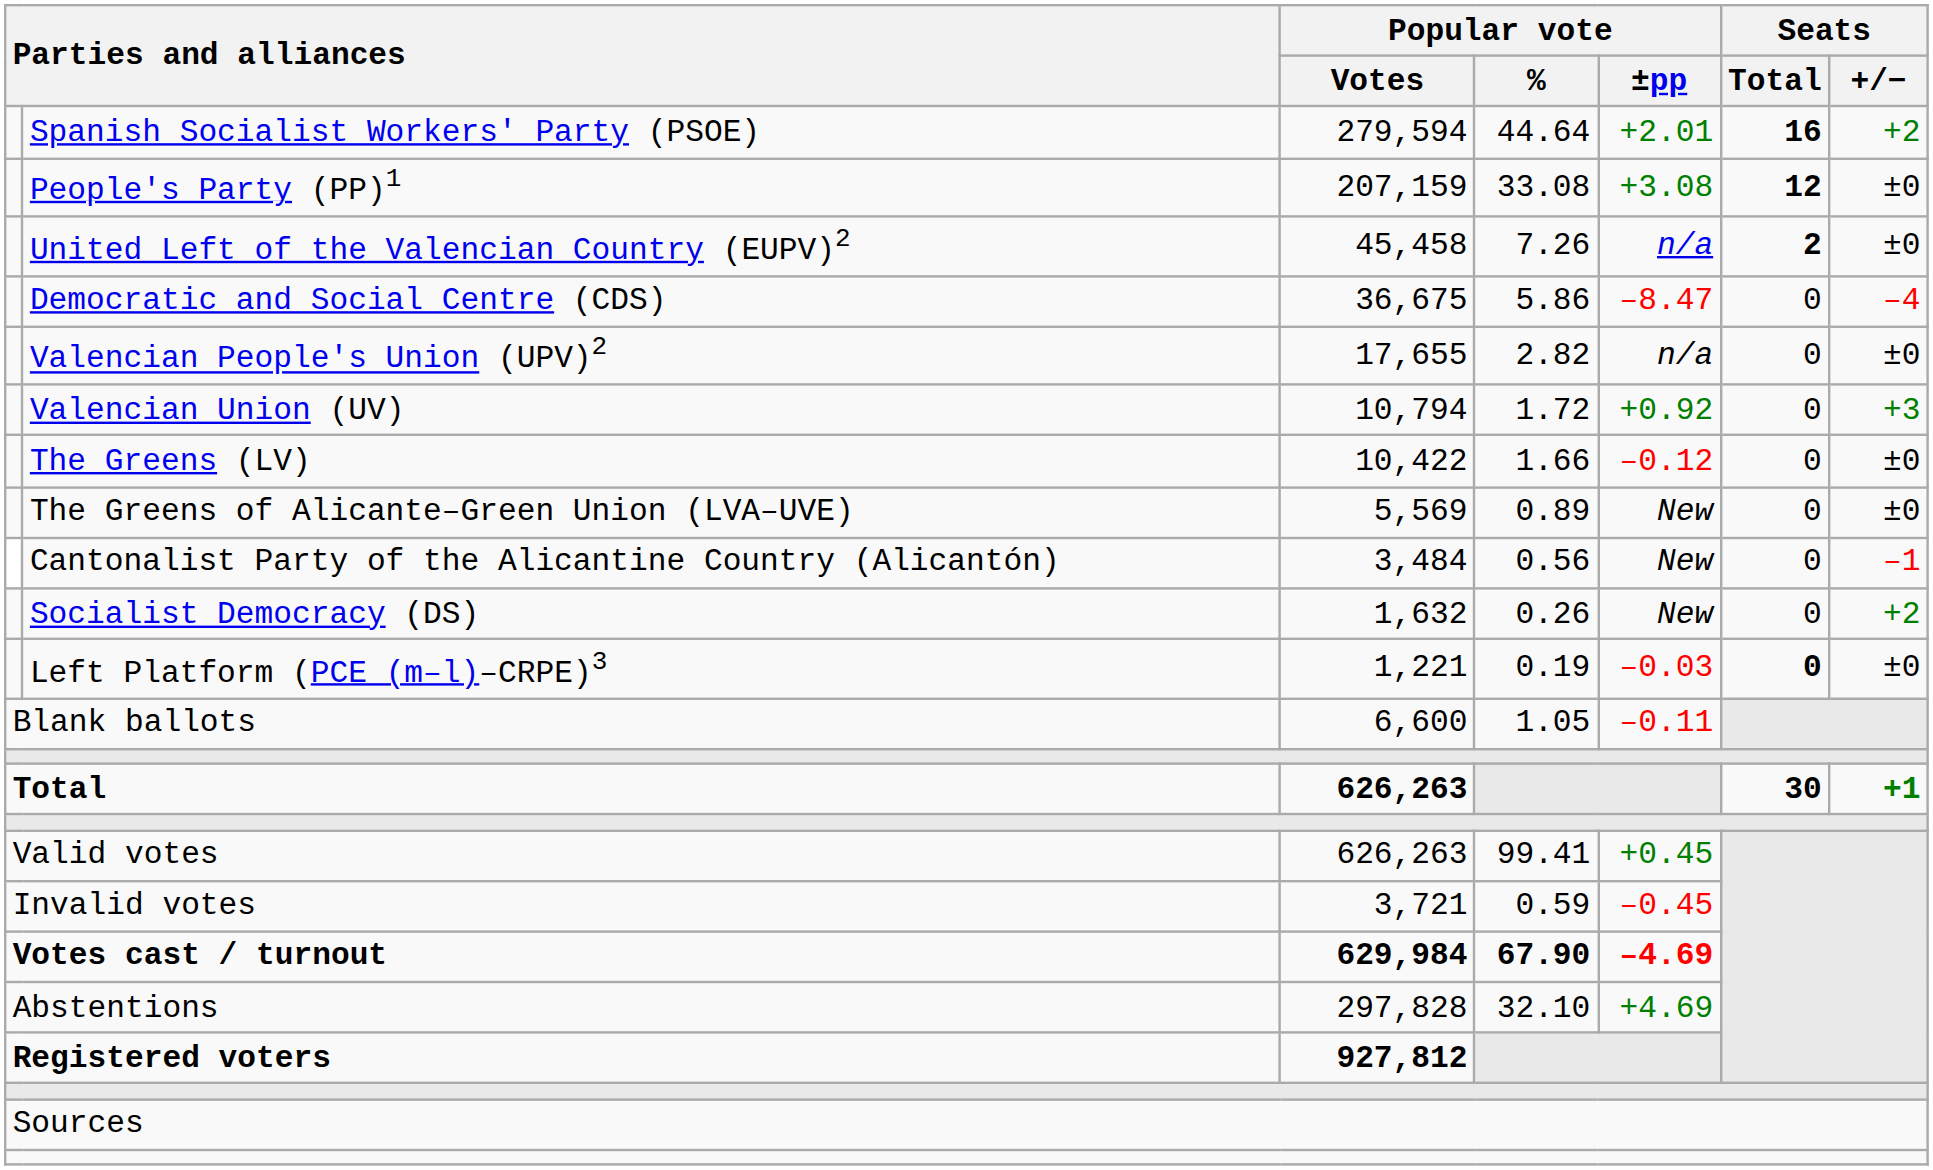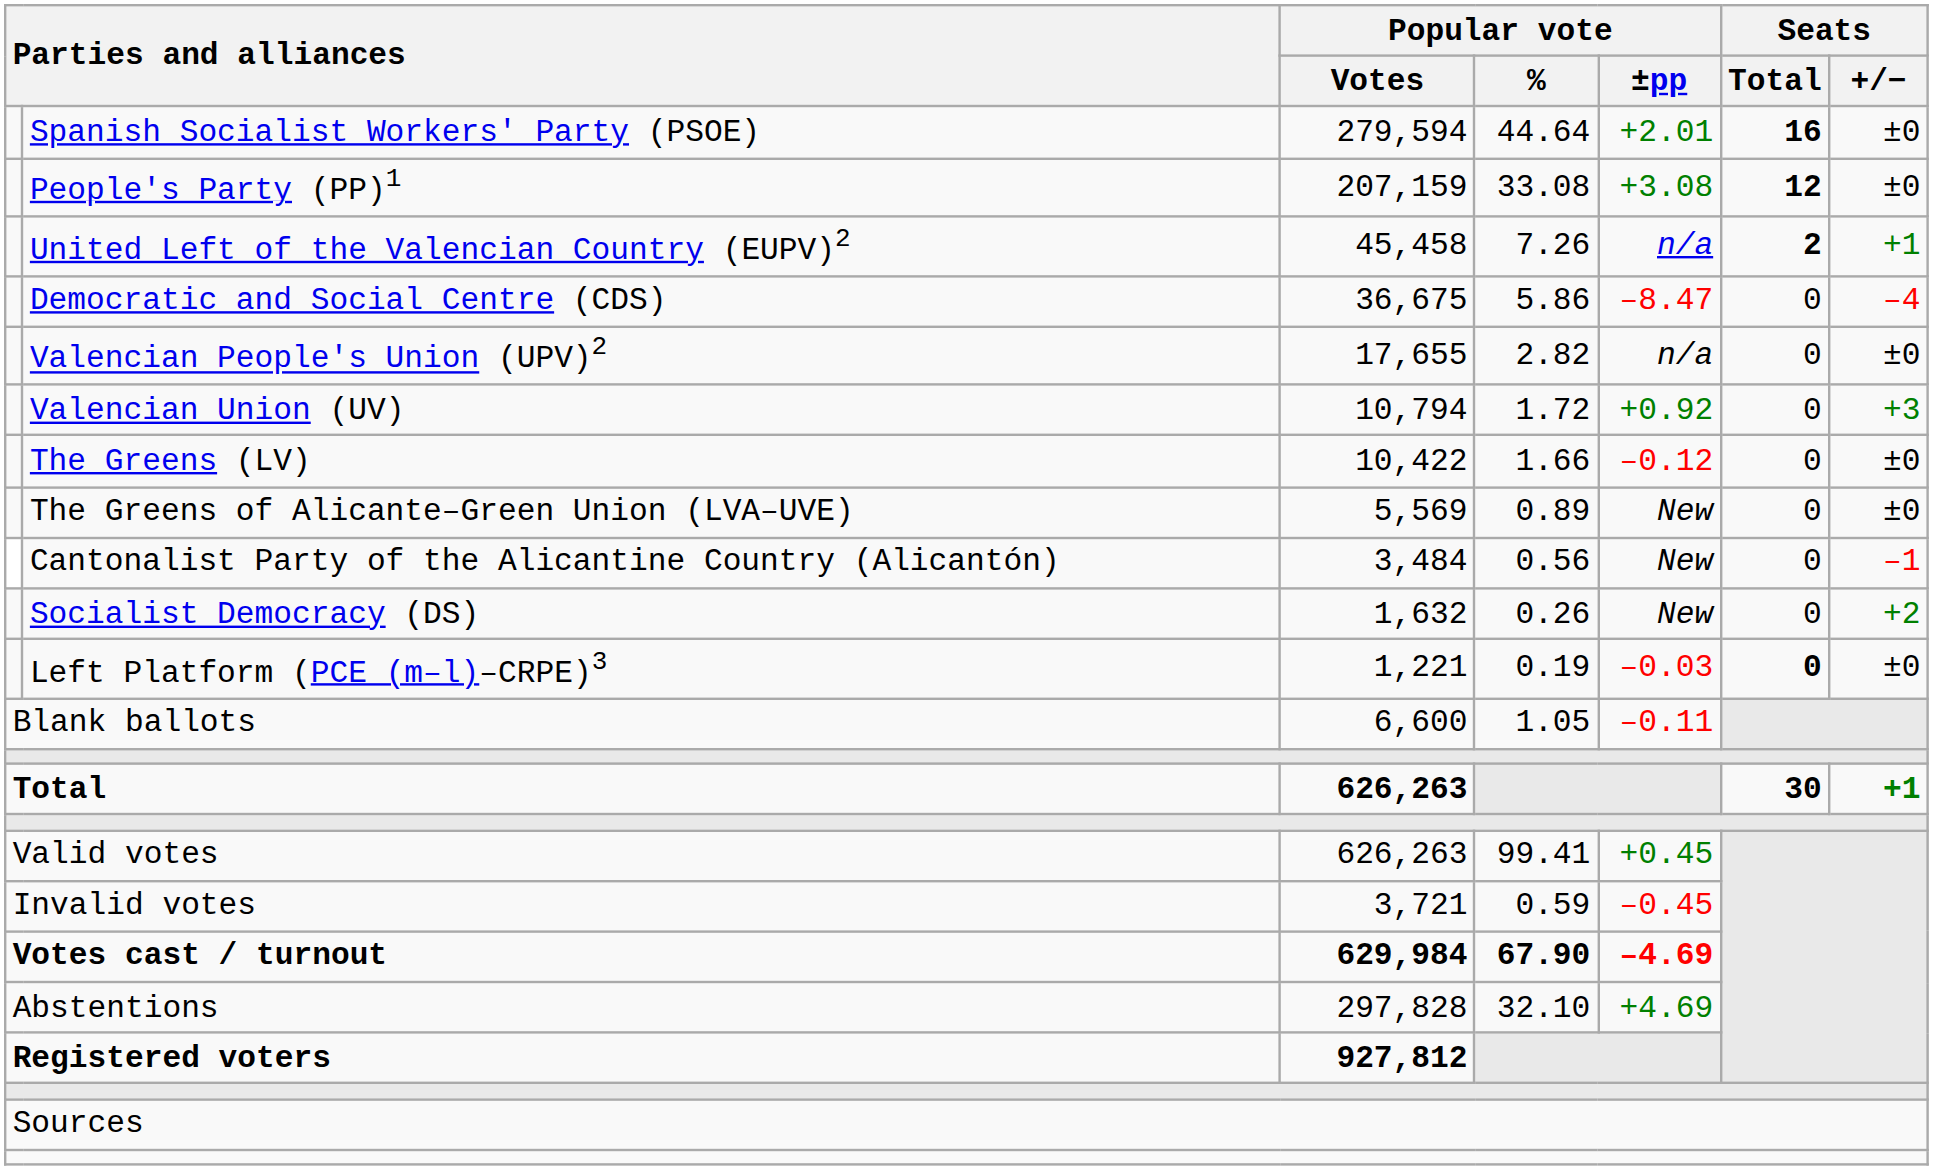 <table class="wikitable" style="text-align:right;">
 <tr>
 <th style="text-align:left;" rowspan="2" colspan="2" width="525">Parties and alliances</th>
 <th colspan="3">Popular vote</th>
 <th colspan="2">Seats</th>
 </tr>
 <tr>
 <th width="75">Votes</th>
 <th width="45">%</th>
 <th width="45">±<a href='#'>pp</a></th>
 <th width="35">Total</th>
 <th width="35">+/−</th>
 </tr>
 <tr>
 <td width="1" style="color:inherit;background:"></td>
 <td align="left"><a href='#'>Spanish Socialist Workers' Party</a> (PSOE)</td>
 <td>279,594</td>
 <td>44.64</td>
 <td style="color:green;">+2.01</td>
 <td><strong>16</strong></td>
-<td style="color:green;">+2</td>
+<td>±0</td>
 </tr>
 <tr>
 <td style="color:inherit;background:"></td>
 <td align="left"><a href='#'>People's Party</a> (PP)<sup>1</sup></td>
 <td>207,159</td>
 <td>33.08</td>
 <td style="color:green;">+3.08</td>
 <td><strong>12</strong></td>
 <td>±0</td>
 </tr>
 <tr>
 <td style="color:inherit;background:"></td>
 <td align="left"><a href='#'>United Left of the Valencian Country</a> (EUPV)<sup>2</sup></td>
 <td>45,458</td>
 <td>7.26</td>
 <td><em><a href='#'>n/a</a></em></td>
 <td><strong>2</strong></td>
-<td>±0</td>
+<td style="color:green;">+1</td>
 </tr>
 <tr>
 <td style="color:inherit;background:"></td>
 <td align="left"><a href='#'>Democratic and Social Centre</a> (CDS)</td>
 <td>36,675</td>
 <td>5.86</td>
 <td style="color:red;">–8.47</td>
 <td>0</td>
 <td style="color:red;">–4</td>
 </tr>
 <tr>
 <td style="color:inherit;background:"></td>
 <td align="left"><a href='#'>Valencian People's Union</a> (UPV)<sup>2</sup></td>
 <td>17,655</td>
 <td>2.82</td>
 <td><em>n/a</em></td>
 <td>0</td>
 <td>±0</td>
 </tr>
 <tr>
 <td style="color:inherit;background:"></td>
 <td align="left"><a href='#'>Valencian Union</a> (UV)</td>
 <td>10,794</td>
 <td>1.72</td>
 <td style="color:green;">+0.92</td>
 <td>0</td>
 <td style="color:green;">+3</td>
 </tr>
 <tr>
 <td style="color:inherit;background:"></td>
 <td align="left"><a href='#'>The Greens</a> (LV)</td>
 <td>10,422</td>
 <td>1.66</td>
 <td style="color:red;">–0.12</td>
 <td>0</td>
 <td>±0</td>
 </tr>
 <tr>
 <td style="color:inherit;background:"></td>
 <td align="left">The Greens of Alicante–Green Union (LVA–UVE)</td>
 <td>5,569</td>
 <td>0.89</td>
 <td><em>New</em></td>
 <td>0</td>
 <td>±0</td>
 </tr>
 <tr>
 <td bgcolor="white"></td>
 <td align="left">Cantonalist Party of the Alicantine Country (Alicantón)</td>
 <td>3,484</td>
 <td>0.56</td>
 <td><em>New</em></td>
 <td>0</td>
 <td style="color:red;">–1</td>
 </tr>
 <tr>
 <td style="color:inherit;background:"></td>
 <td align="left"><a href='#'>Socialist Democracy</a> (DS)</td>
 <td>1,632</td>
 <td>0.26</td>
 <td><em>New</em></td>
 <td>0</td>
 <td style="color:green;">+2</td>
 </tr>
 <tr>
 <td style="color:inherit;background:"></td>
 <td align="left">Left Platform (<a href='#'>PCE (m–l)</a>–CRPE)<sup>3</sup></td>
 <td>1,221</td>
 <td>0.19</td>
 <td style="color:red;">–0.03</td>
 <td><strong>0</strong></td>
 <td>±0</td>
 </tr>
 <tr>
 <td align="left" colspan="2">Blank ballots</td>
 <td>6,600</td>
 <td>1.05</td>
 <td style="color:red;">–0.11</td>
 <td bgcolor="#E9E9E9" colspan="2"></td>
 </tr>
 <tr>
 <td colspan="7" bgcolor="#E9E9E9"></td>
 </tr>
 <tr style="font-weight:bold;">
 <td align="left" colspan="2">Total</td>
 <td>626,263</td>
 <td bgcolor="#E9E9E9" colspan="2"></td>
 <td>30</td>
 <td style="color:green;">+1</td>
 </tr>
 <tr>
 <td colspan="7" bgcolor="#E9E9E9"></td>
 </tr>
 <tr>
 <td align="left" colspan="2">Valid votes</td>
 <td>626,263</td>
 <td>99.41</td>
 <td style="color:green;">+0.45</td>
 <td bgcolor="#E9E9E9" colspan="2" rowspan="5"></td>
 </tr>
 <tr>
 <td align="left" colspan="2">Invalid votes</td>
 <td>3,721</td>
 <td>0.59</td>
 <td style="color:red;">–0.45</td>
 </tr>
 <tr style="font-weight:bold;">
 <td align="left" colspan="2">Votes cast / turnout</td>
 <td>629,984</td>
 <td>67.90</td>
 <td style="color:red;">–4.69</td>
 </tr>
 <tr>
 <td align="left" colspan="2">Abstentions</td>
 <td>297,828</td>
 <td>32.10</td>
 <td style="color:green;">+4.69</td>
 </tr>
 <tr style="font-weight:bold;">
 <td align="left" colspan="2">Registered voters</td>
 <td>927,812</td>
 <td bgcolor="#E9E9E9" colspan="2"></td>
 </tr>
 <tr>
 <td colspan="7" bgcolor="#E9E9E9"></td>
 </tr>
 <tr>
 <td align="left" colspan="7">Sources</td>
 </tr>
 <tr>
 <td colspan="7" style="text-align:left; max-width:790px;"></td>
 </tr>
 </table>
